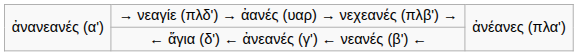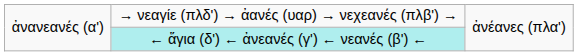 <table class="wikitable">
 <tr>
 <td align="center" rowspan="2"> ἀνανεανές (α') </td>
 <td align="center"> → νεαγίε (πλδ') → ἀανές (υαρ) → νεχεανές (πλβ') → </td>
 <td align="center" rowspan="2"> ἀνέανες (πλα') </td>
 </tr>
 <tr>
-<td align="center"> ← ἅγια (δ') ← ἀνεανές (γ') ← νεανές (β') ← </td>
+<td align="center" style="background: paleturquoise;"> ← ἅγια (δ') ← ἀνεανές (γ') ← νεανές (β') ← </td>
 </tr>
 </table>
